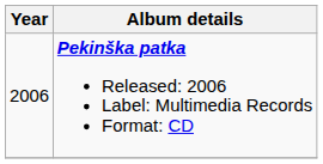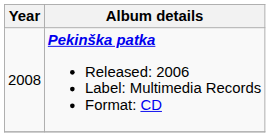 <table class ="wikitable">
 <tr>
 <th>Year</th>
 <th>Album details</th>
 </tr>
 <tr>
-<td align="center" rowspan="1">2006</td>
+<td align="center" rowspan="1">2008</td>
 <td><strong><em><a href='#'>Pekinška patka</a></em></strong><br><ul><li>Released: 2006</li><li>Label: Multimedia Records</li><li>Format: <a href='#'>CD</a></li></ul></td>
 </tr>
 <tr>
 </tr>
 </table>
